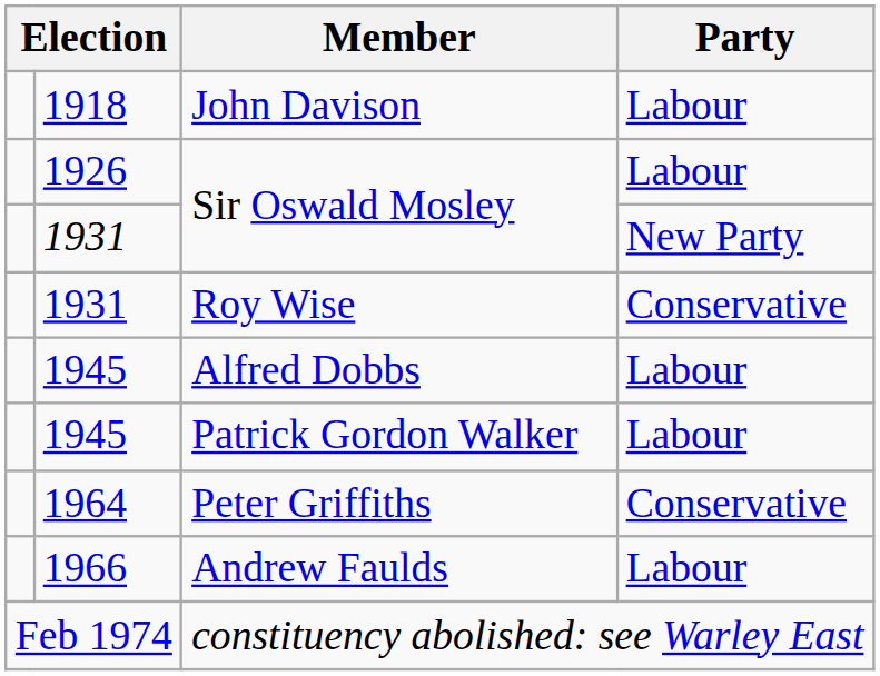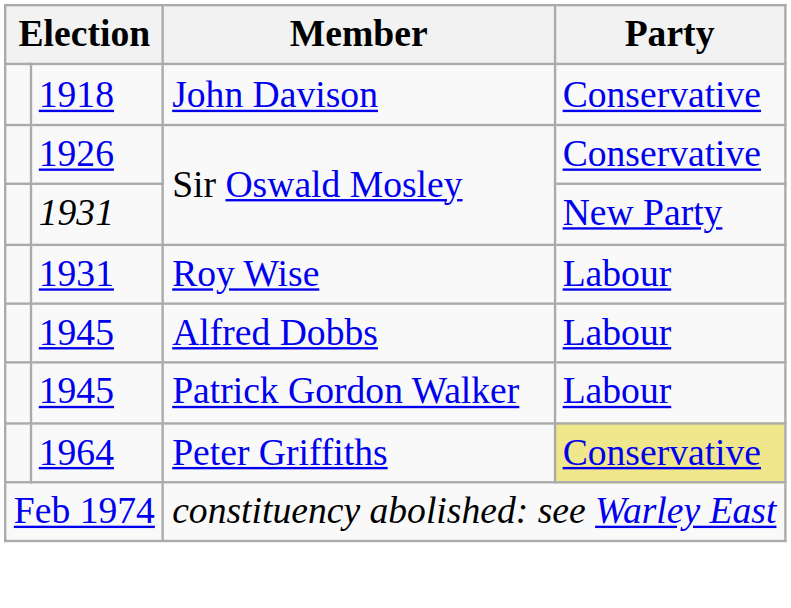 <table class="wikitable">
 <tr>
 <th colspan="2">Election</th>
 <th>Member</th>
 <th>Party</th>
 </tr>
 <tr>
 <td style="color:inherit;background-color: "></td>
 <td><a href='#'>1918</a></td>
 <td><a href='#'>John Davison</a></td>
-<td><a href='#'>Labour</a></td>
+<td><a href='#'>Conservative</a></td>
 </tr>
 <tr>
 <td style="color:inherit;background-color: "></td>
 <td><a href='#'>1926</a></td>
 <td rowspan="2">Sir <a href='#'>Oswald Mosley</a></td>
-<td><a href='#'>Labour</a></td>
+<td><a href='#'>Conservative</a></td>
 </tr>
 <tr>
 <td style="color:inherit;background-color:"></td>
 <td><em>1931</em></td>
 <td><a href='#'>New Party</a></td>
 </tr>
 <tr>
 <td style="color:inherit;background-color: "></td>
 <td><a href='#'>1931</a></td>
 <td><a href='#'>Roy Wise</a></td>
-<td><a href='#'>Conservative</a></td>
+<td><a href='#'>Labour</a></td>
 </tr>
 <tr>
 <td style="color:inherit;background-color: "></td>
 <td><a href='#'>1945</a></td>
 <td><a href='#'>Alfred Dobbs</a></td>
 <td><a href='#'>Labour</a></td>
 </tr>
 <tr>
 <td style="color:inherit;background-color: "></td>
 <td><a href='#'>1945</a></td>
 <td><a href='#'>Patrick Gordon Walker</a></td>
 <td><a href='#'>Labour</a></td>
 </tr>
 <tr>
 <td style="color:inherit;background-color: "></td>
 <td><a href='#'>1964</a></td>
 <td><a href='#'>Peter Griffiths</a></td>
-<td><a href='#'>Conservative</a></td>
-</tr>
-<tr>
-<td style="color:inherit;background-color: "></td>
-<td><a href='#'>1966</a></td>
-<td><a href='#'>Andrew Faulds</a></td>
-<td><a href='#'>Labour</a></td>
+<td style="background: khaki;"><a href='#'>Conservative</a></td>
 </tr>
 <tr>
 <td colspan=2 align="center"><a href='#'>Feb 1974</a></td>
 <td colspan="2"><em>constituency abolished: see <a href='#'>Warley East</a></em></td>
 </tr>
 </table>
